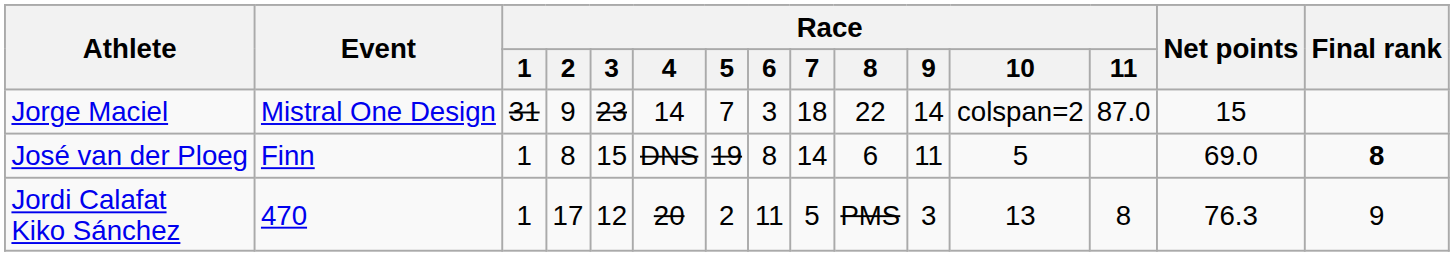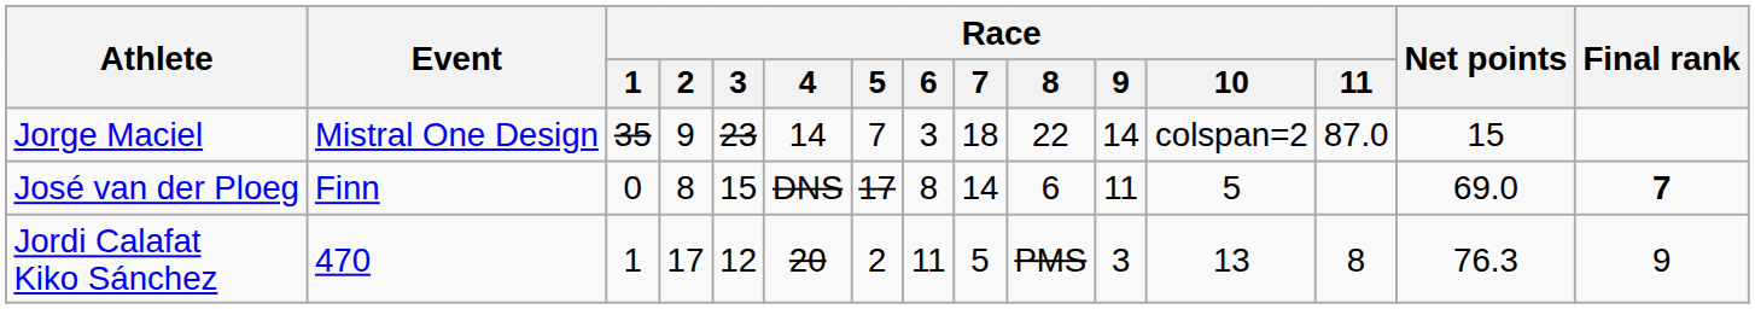 <table class="wikitable" style="font-size:90%">
 <tr>
 <th rowspan="2">Athlete</th>
 <th rowspan="2">Event</th>
 <th colspan=11>Race</th>
 <th rowspan=2>Net points</th>
 <th rowspan=2>Final rank</th>
 </tr>
 <tr style="font-size:95%">
 <th>1</th>
 <th>2</th>
 <th>3</th>
 <th>4</th>
 <th>5</th>
 <th>6</th>
 <th>7</th>
 <th>8</th>
 <th>9</th>
 <th>10</th>
 <th>11</th>
 </tr>
 <tr align=center>
 <td align=left><a href='#'>Jorge Maciel</a></td>
 <td align=left><a href='#'>Mistral One Design</a></td>
-<td><s>31</s></td>
+<td><s>35</s></td>
 <td>9</td>
 <td><s>23</s></td>
 <td>14</td>
 <td>7</td>
 <td>3</td>
 <td>18</td>
 <td>22</td>
 <td>14</td>
 <td>colspan=2 </td>
 <td>87.0</td>
 <td>15</td>
 </tr>
 <tr align=center>
 <td align=left><a href='#'>José van der Ploeg</a></td>
 <td align=left><a href='#'>Finn</a></td>
-<td>1</td>
+<td>0</td>
 <td>8</td>
 <td>15</td>
 <td><s>DNS</s></td>
-<td><s>19</s></td>
+<td><s>17</s></td>
 <td>8</td>
 <td>14</td>
 <td>6</td>
 <td>11</td>
 <td>5</td>
 <td></td>
 <td>69.0</td>
-<td><strong>8</strong></td>
+<td><strong>7</strong></td>
 </tr>
 <tr align=center>
 <td align=left><a href='#'>Jordi Calafat</a><br><a href='#'>Kiko Sánchez</a></td>
 <td align=left><a href='#'>470</a></td>
 <td>1</td>
 <td>17</td>
 <td>12</td>
 <td><s>20</s></td>
 <td>2</td>
 <td>11</td>
 <td>5</td>
 <td><s>PMS</s></td>
 <td>3</td>
 <td>13</td>
 <td>8</td>
 <td>76.3</td>
 <td>9</td>
 </tr>
 </table>
